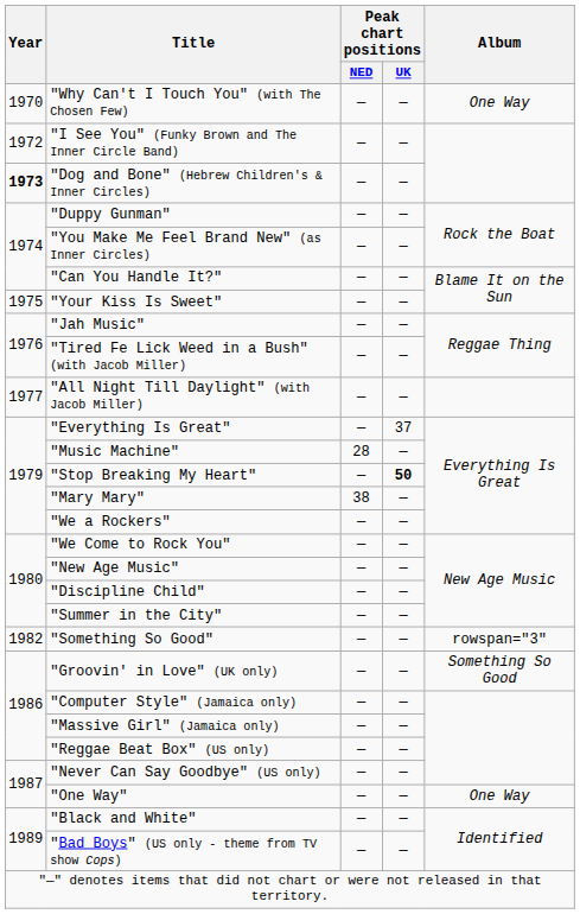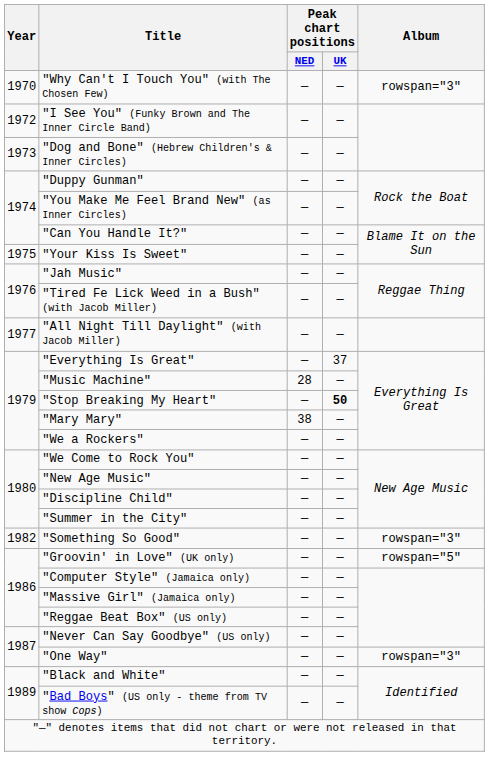 <table class="wikitable" style="text-align:center;">
 <tr>
 <th rowspan="2" style="width:2em;">Year</th>
 <th rowspan="2" style="width:20em;">Title</th>
 <th colspan="2">Peak chart positions</th>
 <th rowspan="2" style="width:10em;">Album</th>
 </tr>
 <tr>
 <th style="width:2em;font-size:90%;"><a href='#'>NED</a><br></th>
 <th style="width:2em;font-size:90%;"><a href='#'>UK</a><br></th>
 </tr>
 <tr>
 <td>1970</td>
 <td style="text-align:left;">"Why Can't I Touch You" <small>(with The Chosen Few)</small></td>
 <td>—</td>
 <td>—</td>
-<td><em>One Way</em></td>
+<td>rowspan="3" </td>
 </tr>
 <tr>
 <td>1972</td>
 <td style="text-align:left;">"I See You" <small>(Funky Brown and The Inner Circle Band)</small></td>
 <td>—</td>
 <td>—</td>
 </tr>
 <tr>
-<td><strong>1973</strong></td>
+<td>1973</td>
 <td style="text-align:left;">"Dog and Bone" <small>(Hebrew Children's & Inner Circles)</small></td>
 <td>—</td>
 <td>—</td>
 </tr>
 <tr>
 <td rowspan="3">1974</td>
 <td style="text-align:left;">"Duppy Gunman"</td>
 <td>—</td>
 <td>—</td>
 <td rowspan="2"><em>Rock the Boat</em></td>
 </tr>
 <tr>
 <td style="text-align:left;">"You Make Me Feel Brand New" <small>(as Inner Circles)</small></td>
 <td>—</td>
 <td>—</td>
 </tr>
 <tr>
 <td style="text-align:left;">"Can You Handle It?"</td>
 <td>—</td>
 <td>—</td>
 <td rowspan="2"><em>Blame It on the Sun</em></td>
 </tr>
 <tr>
 <td>1975</td>
 <td style="text-align:left;">"Your Kiss Is Sweet"</td>
 <td>—</td>
 <td>—</td>
 </tr>
 <tr>
 <td rowspan="2">1976</td>
 <td style="text-align:left;">"Jah Music"</td>
 <td>—</td>
 <td>—</td>
 <td rowspan="2"><em>Reggae Thing</em></td>
 </tr>
 <tr>
 <td style="text-align:left;">"Tired Fe Lick Weed in a Bush" <small>(with Jacob Miller)</small></td>
 <td>—</td>
 <td>—</td>
 </tr>
 <tr>
 <td>1977</td>
 <td style="text-align:left;">"All Night Till Daylight" <small>(with Jacob Miller)</small></td>
 <td>—</td>
 <td>—</td>
 <td></td>
 </tr>
 <tr>
 <td rowspan="5">1979</td>
 <td style="text-align:left;">"Everything Is Great"</td>
 <td>—</td>
 <td>37</td>
 <td rowspan="5"><em>Everything Is Great</em></td>
 </tr>
 <tr>
 <td style="text-align:left;">"Music Machine"</td>
 <td>28</td>
 <td>—</td>
 </tr>
 <tr>
 <td style="text-align:left;">"Stop Breaking My Heart"</td>
 <td>—</td>
 <td><strong>50</strong></td>
 </tr>
 <tr>
 <td style="text-align:left;">"Mary Mary"</td>
 <td>38</td>
 <td>—</td>
 </tr>
 <tr>
 <td style="text-align:left;">"We a Rockers"</td>
 <td>—</td>
 <td>—</td>
 </tr>
 <tr>
 <td rowspan="4">1980</td>
 <td style="text-align:left;">"We Come to Rock You"</td>
 <td>—</td>
 <td>—</td>
 <td rowspan="4"><em>New Age Music</em></td>
 </tr>
 <tr>
 <td style="text-align:left;">"New Age Music"</td>
 <td>—</td>
 <td>—</td>
 </tr>
 <tr>
 <td style="text-align:left;">"Discipline Child"</td>
 <td>—</td>
 <td>—</td>
 </tr>
 <tr>
 <td style="text-align:left;">"Summer in the City"</td>
 <td>—</td>
 <td>—</td>
 </tr>
 <tr>
 <td>1982</td>
 <td style="text-align:left;">"Something So Good"</td>
 <td>—</td>
 <td>—</td>
 <td>rowspan="3" </td>
 </tr>
 <tr>
 <td rowspan="4">1986</td>
 <td style="text-align:left;">"Groovin' in Love" <small>(UK only)</small></td>
 <td>—</td>
 <td>—</td>
-<td><em>Something So Good</em></td>
+<td>rowspan="5" </td>
 </tr>
 <tr>
 <td style="text-align:left;">"Computer Style" <small>(Jamaica only)</small></td>
 <td>—</td>
 <td>—</td>
 </tr>
 <tr>
 <td style="text-align:left;">"Massive Girl" <small>(Jamaica only)</small></td>
 <td>—</td>
 <td>—</td>
 </tr>
 <tr>
 <td style="text-align:left;">"Reggae Beat Box" <small>(US only)</small></td>
 <td>—</td>
 <td>—</td>
 </tr>
 <tr>
 <td rowspan="2">1987</td>
 <td style="text-align:left;">"Never Can Say Goodbye" <small>(US only)</small></td>
 <td>—</td>
 <td>—</td>
 </tr>
 <tr>
 <td style="text-align:left;">"One Way"</td>
 <td>—</td>
 <td>—</td>
-<td><em>One Way</em></td>
+<td>rowspan="3" </td>
 </tr>
 <tr>
 <td rowspan="2">1989</td>
 <td style="text-align:left;">"Black and White"</td>
 <td>—</td>
 <td>—</td>
 <td rowspan="2"><em>Identified</em></td>
 </tr>
 <tr>
 <td style="text-align:left;">"<a href='#'>Bad Boys</a>" <small>(US only - theme from TV show <em>Cops</em>)</small></td>
 <td>—</td>
 <td>—</td>
 </tr>
 <tr>
 <td colspan="15" style="font-size:90%">"—" denotes items that did not chart or were not released in that territory.</td>
 </tr>
 </table>
